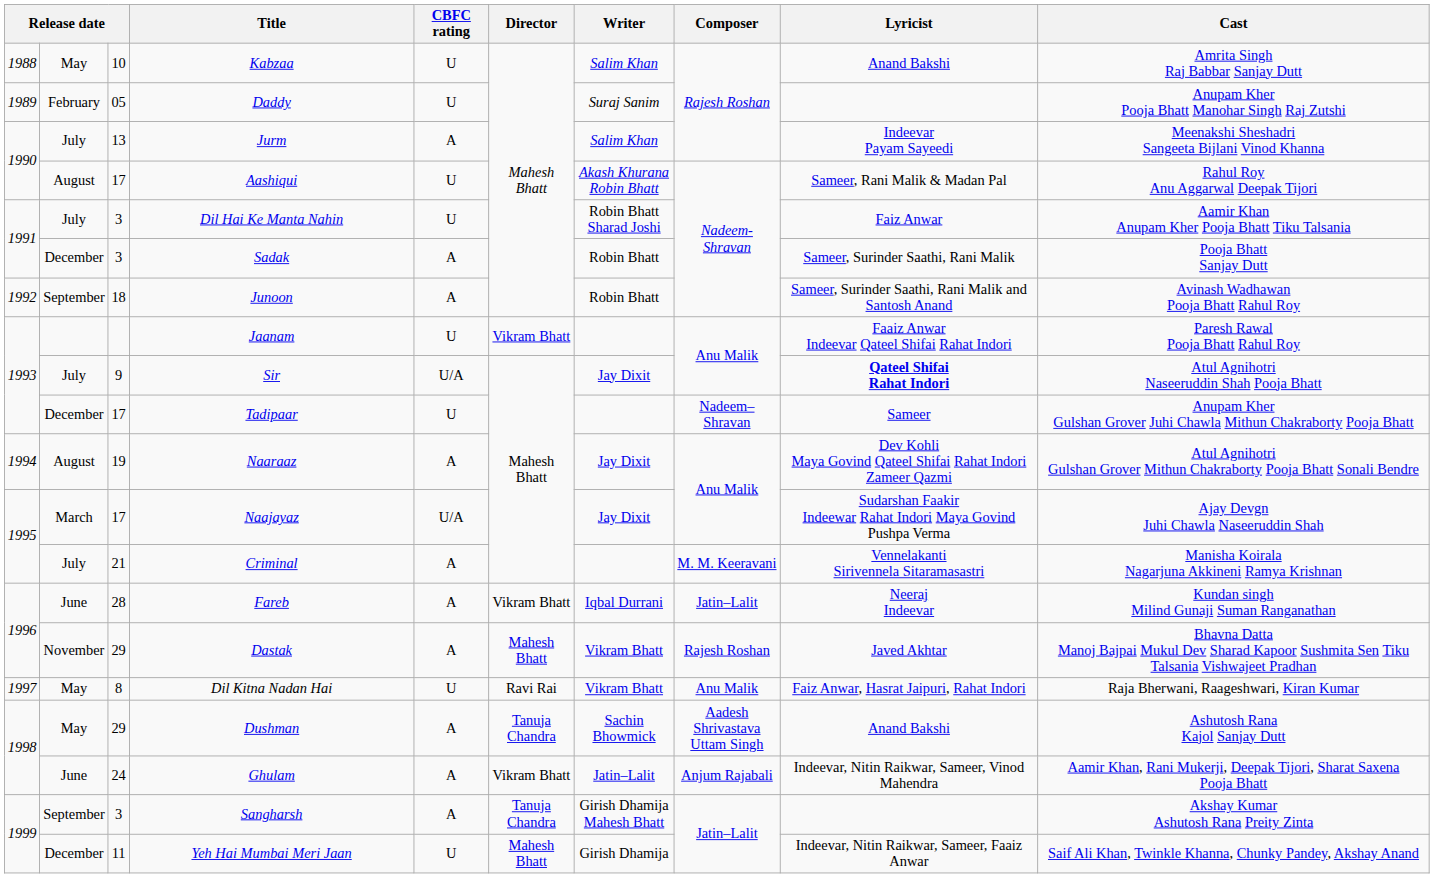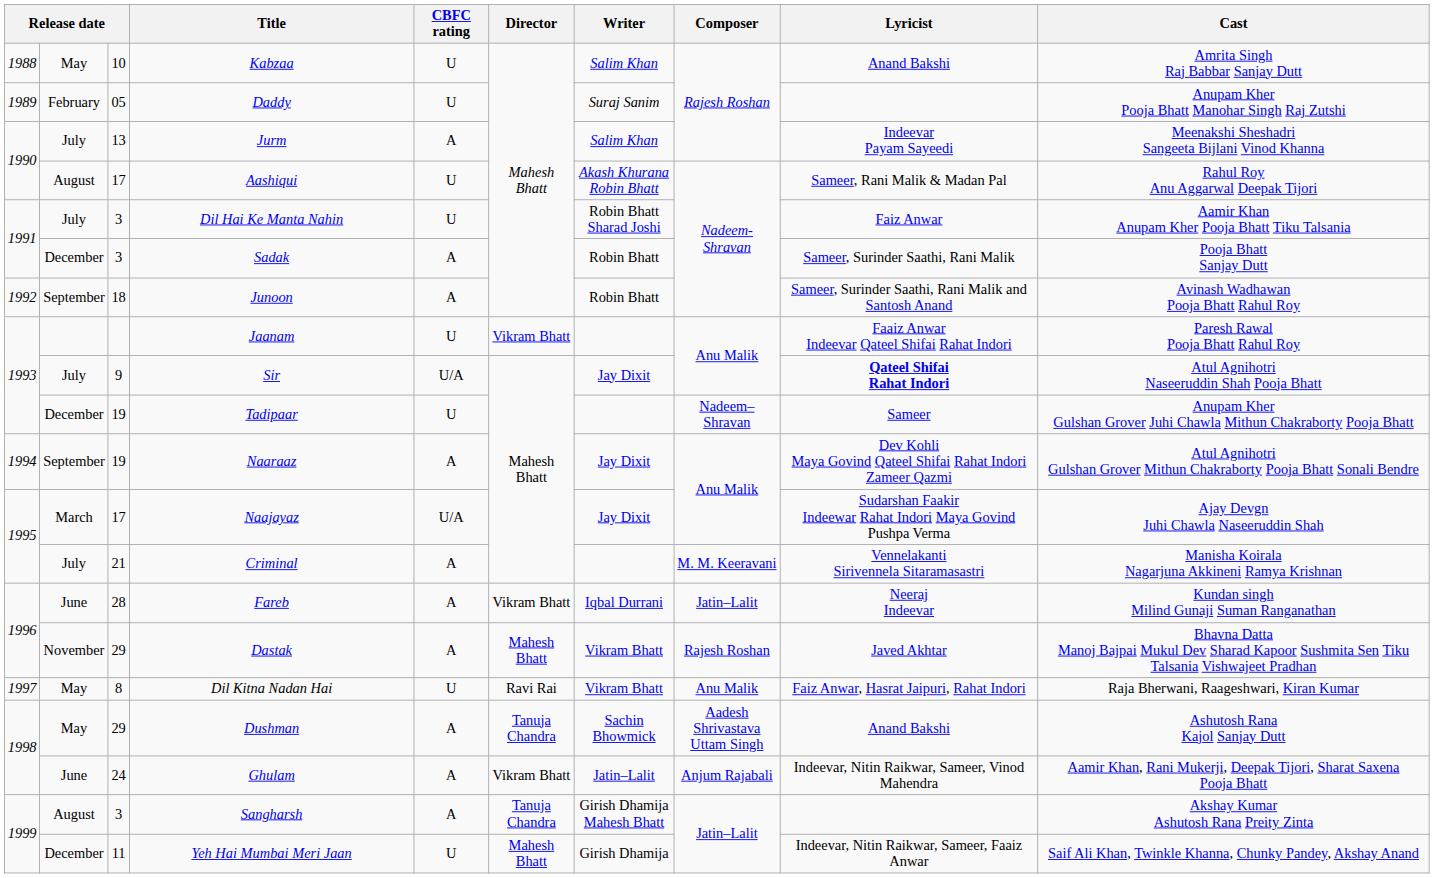 <table class="wikitable sortable" style="width:100%; text-align:center;">
 <tr>
 <th colspan="3">Release date</th>
 <th style="width:20%;">Title</th>
 <th><a href='#'>CBFC</a> rating</th>
 <th>Director</th>
 <th>Writer</th>
 <th>Composer</th>
 <th>Lyricist</th>
 <th>Cast</th>
 </tr>
 <tr style="vertical-align: middle;">
 <td rowspan="1"><em>1988 </em></td>
 <td>May</td>
 <td>10</td>
 <td><em><a href='#'>Kabzaa</a></em></td>
 <td>U</td>
 <td rowspan="7"><em>Mahesh Bhatt </em></td>
 <td rowspan="1"><em><a href='#'>Salim Khan</a></em></td>
 <td rowspan="3"><em><a href='#'>Rajesh Roshan</a></em></td>
 <td><a href='#'>Anand Bakshi</a></td>
 <td><a href='#'>Amrita Singh</a><br><a href='#'>Raj Babbar</a> <a href='#'>Sanjay Dutt</a></td>
 </tr>
 <tr style="vertical-align: middle;">
 <td rowspan="1"><em>1989 </em></td>
 <td>February</td>
 <td>05</td>
 <td><a href='#'><em>Daddy</em></a></td>
 <td>U</td>
 <td><em>Suraj Sanim</em></td>
 <td></td>
 <td><a href='#'>Anupam Kher</a><br><a href='#'>Pooja Bhatt</a> <a href='#'>Manohar Singh</a> <a href='#'>Raj Zutshi</a></td>
 </tr>
 <tr style="vertical-align: middle;">
 <td rowspan="2"><em>1990  </em></td>
 <td>July</td>
 <td>13</td>
 <td><a href='#'><em>Jurm</em></a></td>
 <td>A</td>
 <td><em><a href='#'>Salim Khan</a></em></td>
 <td><a href='#'>Indeevar</a><br><a href='#'>Payam Sayeedi</a></td>
 <td><a href='#'>Meenakshi Sheshadri</a><br><a href='#'>Sangeeta Bijlani</a> <a href='#'>Vinod Khanna</a></td>
 </tr>
 <tr style="vertical-align: middle;">
 <td>August</td>
 <td>17</td>
 <td><em><a href='#'>Aashiqui</a></em></td>
 <td>U</td>
 <td><em><a href='#'>Akash Khurana</a></em><br><em><a href='#'>Robin Bhatt</a></em></td>
 <td rowspan="4"><em><a href='#'>Nadeem-Shravan</a></em></td>
 <td><a href='#'>Sameer</a>, Rani Malik & Madan Pal</td>
 <td><a href='#'>Rahul Roy</a><br><a href='#'>Anu Aggarwal</a> <a href='#'>Deepak Tijori</a></td>
 </tr>
 <tr style="vertical-align: middle;">
 <td rowspan="2"><em>1991  </em></td>
 <td>July</td>
 <td>3</td>
 <td><em><a href='#'>Dil Hai Ke Manta Nahin</a></em></td>
 <td>U</td>
 <td>Robin Bhatt<br><a href='#'>Sharad Joshi</a></td>
 <td><a href='#'>Faiz Anwar</a></td>
 <td><a href='#'>Aamir Khan</a><br><a href='#'>Anupam Kher</a> <a href='#'>Pooja Bhatt</a> <a href='#'>Tiku Talsania</a></td>
 </tr>
 <tr style="vertical-align: middle;">
 <td>December</td>
 <td>3</td>
 <td><em><a href='#'>Sadak</a></em></td>
 <td>A</td>
 <td>Robin Bhatt</td>
 <td><a href='#'>Sameer</a>, Surinder Saathi, Rani Malik</td>
 <td><a href='#'>Pooja Bhatt</a><br><a href='#'>Sanjay Dutt</a></td>
 </tr>
 <tr style="vertical-align: middle;">
 <td rowspan="1"><em>1992 </em></td>
 <td>September</td>
 <td>18</td>
 <td><a href='#'><em>Junoon</em></a></td>
 <td>A</td>
 <td>Robin Bhatt</td>
 <td><a href='#'>Sameer</a>, Surinder Saathi, Rani Malik and <a href='#'>Santosh Anand</a></td>
 <td><a href='#'>Avinash Wadhawan</a><br><a href='#'>Pooja Bhatt</a> <a href='#'>Rahul Roy</a></td>
 </tr>
 <tr style="vertical-align: middle;">
 <td rowspan="3"><em>1993 </em></td>
 <td></td>
 <td></td>
 <td><em><a href='#'>Jaanam</a></em></td>
 <td>U</td>
 <td><a href='#'>Vikram Bhatt</a></td>
 <td></td>
 <td rowspan="2"><a href='#'>Anu Malik</a></td>
 <td><a href='#'>Faaiz Anwar</a><br><a href='#'>Indeevar</a>  <a href='#'>Qateel Shifai</a> <a href='#'>Rahat Indori</a></td>
 <td><a href='#'>Paresh Rawal</a><br><a href='#'>Pooja Bhatt</a> <a href='#'>Rahul Roy</a></td>
 </tr>
 <tr style="vertical-align: middle;">
 <td>July</td>
 <td>9</td>
 <td><a href='#'><em>Sir</em></a></td>
 <td>U/A</td>
 <td rowspan="5">Mahesh Bhatt</td>
 <td><a href='#'>Jay Dixit</a></td>
 <td><strong><a href='#'>Qateel Shifai</a><br><a href='#'>Rahat Indori</a></strong></td>
 <td><a href='#'>Atul Agnihotri</a><br><a href='#'>Naseeruddin Shah</a> <a href='#'>Pooja Bhatt</a></td>
 </tr>
 <tr style="vertical-align: middle;">
 <td>December</td>
-<td>17</td>
+<td>19</td>
 <td><em><a href='#'>Tadipaar</a></em></td>
 <td>U</td>
 <td></td>
 <td><a href='#'>Nadeem–Shravan</a></td>
 <td><a href='#'>Sameer</a></td>
 <td><a href='#'>Anupam Kher</a><br><a href='#'>Gulshan Grover</a> <a href='#'>Juhi Chawla</a> <a href='#'>Mithun Chakraborty</a> <a href='#'>Pooja Bhatt</a></td>
 </tr>
 <tr style="vertical-align: middle;">
 <td rowspan="1"><em>1994 </em></td>
-<td>August</td>
+<td>September</td>
 <td>19</td>
 <td><a href='#'><em>Naaraaz</em></a></td>
 <td>A</td>
 <td><a href='#'>Jay Dixit</a></td>
 <td rowspan="2"><a href='#'>Anu Malik</a></td>
 <td><a href='#'>Dev Kohli</a><br><a href='#'>Maya Govind</a> <a href='#'>Qateel Shifai</a> <a href='#'>Rahat Indori</a> <a href='#'>Zameer Qazmi</a></td>
 <td><a href='#'>Atul Agnihotri</a><br><a href='#'>Gulshan Grover</a> <a href='#'>Mithun Chakraborty</a> <a href='#'>Pooja Bhatt</a> <a href='#'>Sonali Bendre</a></td>
 </tr>
 <tr style="vertical-align: middle;">
 <td rowspan="2"><em>1995 </em></td>
 <td>March</td>
 <td>17</td>
 <td><em><a href='#'>Naajayaz</a></em></td>
 <td>U/A</td>
 <td><a href='#'>Jay Dixit</a></td>
 <td><a href='#'>Sudarshan Faakir</a><br><a href='#'>Indeewar</a> <a href='#'>Rahat Indori</a> <a href='#'>Maya Govind</a> Pushpa Verma</td>
 <td><a href='#'>Ajay Devgn</a><br><a href='#'>Juhi Chawla</a> <a href='#'>Naseeruddin Shah</a></td>
 </tr>
 <tr style="vertical-align: middle;">
 <td>July</td>
 <td>21</td>
 <td><a href='#'><em>Criminal</em></a></td>
 <td>A</td>
 <td></td>
 <td><a href='#'>M. M. Keeravani</a></td>
 <td><a href='#'>Vennelakanti</a><br><a href='#'>Sirivennela Sitaramasastri</a></td>
 <td><a href='#'>Manisha Koirala</a><br><a href='#'>Nagarjuna Akkineni</a> <a href='#'>Ramya Krishnan</a></td>
 </tr>
 <tr style="vertical-align: middle;">
 <td rowspan="2"><em>1996 </em></td>
 <td>June</td>
 <td>28</td>
 <td><a href='#'><em>Fareb</em></a></td>
 <td>A</td>
 <td>Vikram Bhatt</td>
 <td><a href='#'>Iqbal Durrani</a></td>
 <td><a href='#'>Jatin–Lalit</a></td>
 <td><a href='#'>Neeraj</a><br><a href='#'>Indeevar</a></td>
 <td><a href='#'>Kundan singh</a><br><a href='#'>Milind Gunaji</a> <a href='#'>Suman Ranganathan</a></td>
 </tr>
 <tr style="vertical-align: middle;">
 <td>November</td>
 <td>29</td>
 <td><a href='#'><em>Dastak</em></a></td>
 <td>A</td>
 <td><a href='#'>Mahesh Bhatt</a></td>
 <td><a href='#'>Vikram Bhatt</a></td>
 <td><a href='#'>Rajesh Roshan</a></td>
 <td><a href='#'>Javed Akhtar</a></td>
 <td><a href='#'>Bhavna Datta</a><br><a href='#'>Manoj Bajpai</a> <a href='#'>Mukul Dev</a> <a href='#'>Sharad Kapoor</a> <a href='#'>Sushmita Sen</a> <a href='#'>Tiku Talsania</a> <a href='#'>Vishwajeet Pradhan</a></td>
 </tr>
 <tr style="vertical-align: middle;">
 <td><em>1997</em></td>
 <td>May</td>
 <td>8</td>
 <td><em>Dil Kitna Nadan Hai</em></td>
 <td>U</td>
 <td>Ravi Rai</td>
 <td><a href='#'>Vikram Bhatt</a></td>
 <td><a href='#'>Anu Malik</a></td>
 <td><a href='#'>Faiz Anwar</a>, <a href='#'>Hasrat Jaipuri</a>, <a href='#'>Rahat Indori</a></td>
 <td>Raja Bherwani, Raageshwari, <a href='#'>Kiran Kumar</a></td>
 </tr>
 <tr style="vertical-align: middle;">
 <td rowspan="2"><em>1998</em></td>
 <td>May</td>
 <td>29</td>
 <td><a href='#'><em>Dushman</em></a></td>
 <td>A</td>
 <td><a href='#'>Tanuja Chandra</a></td>
 <td><a href='#'>Sachin Bhowmick</a></td>
 <td><a href='#'>Aadesh Shrivastava</a><br><a href='#'>Uttam Singh</a></td>
 <td><a href='#'>Anand Bakshi</a></td>
 <td><a href='#'>Ashutosh Rana</a><br><a href='#'>Kajol</a> <a href='#'>Sanjay Dutt</a></td>
 </tr>
 <tr style="vertical-align: middle;">
 <td>June</td>
 <td>24</td>
 <td><a href='#'><em>Ghulam</em></a></td>
 <td>A</td>
 <td>Vikram Bhatt</td>
 <td><a href='#'>Jatin–Lalit</a></td>
 <td><a href='#'>Anjum Rajabali</a></td>
 <td>Indeevar, Nitin Raikwar, Sameer, Vinod Mahendra</td>
 <td><a href='#'>Aamir Khan</a>, <a href='#'>Rani Mukerji</a>, <a href='#'>Deepak Tijori</a>, <a href='#'>Sharat Saxena</a><br><a href='#'>Pooja Bhatt</a></td>
 </tr>
 <tr style="vertical-align: middle; text-align: center;">
 <td rowspan="2"><em>1999 </em></td>
-<td>September</td>
+<td>August</td>
 <td>3</td>
 <td><a href='#'><em>Sangharsh</em></a></td>
 <td>A</td>
 <td><a href='#'>Tanuja Chandra</a></td>
 <td>Girish Dhamija<br><a href='#'>Mahesh Bhatt</a></td>
 <td rowspan="2"><a href='#'>Jatin–Lalit</a></td>
 <td></td>
 <td><a href='#'>Akshay Kumar</a><br><a href='#'>Ashutosh Rana</a> <a href='#'>Preity Zinta</a></td>
 </tr>
 <tr style="vertical-align: middle;">
 <td>December</td>
 <td>11</td>
 <td><em><a href='#'>Yeh Hai Mumbai Meri Jaan</a></em></td>
 <td>U</td>
 <td><a href='#'>Mahesh Bhatt</a></td>
 <td>Girish Dhamija</td>
 <td>Indeevar, Nitin Raikwar, Sameer, Faaiz Anwar</td>
 <td><a href='#'>Saif Ali Khan</a>, <a href='#'>Twinkle Khanna</a>, <a href='#'>Chunky Pandey</a>, <a href='#'>Akshay Anand</a></td>
 </tr>
 </table>
